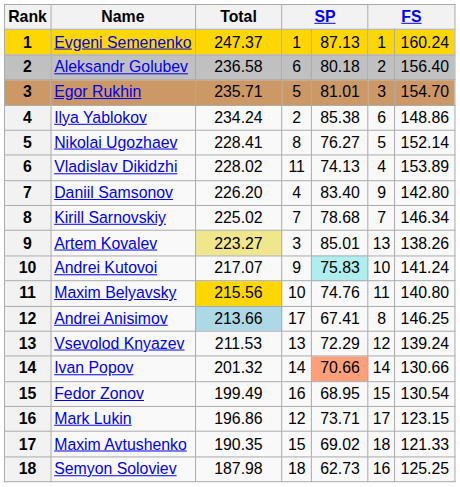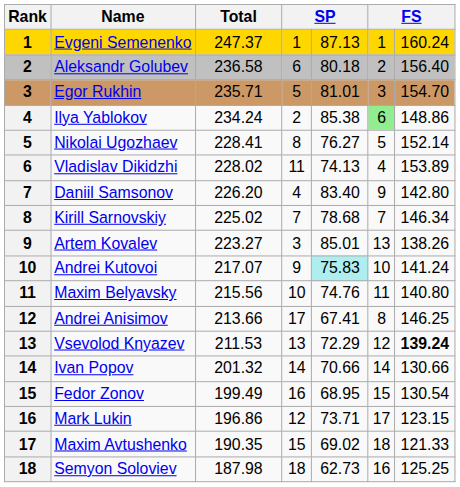 <table class="wikitable sortable">
 <tr>
 <th>Rank</th>
 <th>Name</th>
 <th width="80px">Total</th>
 <th colspan="2" width="80px"><a href='#'>SP</a></th>
 <th colspan="2" width="80px"><a href='#'>FS</a></th>
 </tr>
 <tr bgcolor="gold">
 <td align="center"><strong>1</strong></td>
 <td><a href='#'>Evgeni Semenenko</a></td>
 <td align="center">247.37</td>
 <td align="center">1</td>
 <td align="center">87.13</td>
 <td align="center">1</td>
 <td align="center">160.24</td>
 </tr>
 <tr bgcolor="silver">
 <td align="center"><strong>2</strong></td>
 <td><a href='#'>Aleksandr Golubev</a></td>
 <td align="center">236.58</td>
 <td align="center">6</td>
 <td align="center">80.18</td>
 <td align="center">2</td>
 <td align="center">156.40</td>
 </tr>
 <tr bgcolor="cc9966">
 <td align="center"><strong>3</strong></td>
 <td><a href='#'>Egor Rukhin</a></td>
 <td align="center">235.71</td>
 <td align="center">5</td>
 <td align="center">81.01</td>
 <td align="center">3</td>
 <td align="center">154.70</td>
 </tr>
 <tr>
 <th>4</th>
 <td><a href='#'>Ilya Yablokov</a></td>
 <td align="center">234.24</td>
 <td align="center">2</td>
 <td align="center">85.38</td>
-<td align="center">6</td>
+<td align="center" style="background: lightgreen;">6</td>
 <td align="center">148.86</td>
 </tr>
 <tr>
 <th>5</th>
 <td><a href='#'>Nikolai Ugozhaev</a></td>
 <td align="center">228.41</td>
 <td align="center">8</td>
 <td align="center">76.27</td>
 <td align="center">5</td>
 <td align="center">152.14</td>
 </tr>
 <tr>
 <th>6</th>
 <td><a href='#'>Vladislav Dikidzhi</a></td>
 <td align="center">228.02</td>
 <td align="center">11</td>
 <td align="center">74.13</td>
 <td align="center">4</td>
 <td align="center">153.89</td>
 </tr>
 <tr>
 <th>7</th>
 <td><a href='#'>Daniil Samsonov</a></td>
 <td align="center">226.20</td>
 <td align="center">4</td>
 <td align="center">83.40</td>
 <td align="center">9</td>
 <td align="center">142.80</td>
 </tr>
 <tr>
 <th>8</th>
 <td><a href='#'>Kirill Sarnovskiy</a></td>
 <td align="center">225.02</td>
 <td align="center">7</td>
 <td align="center">78.68</td>
 <td align="center">7</td>
 <td align="center">146.34</td>
 </tr>
 <tr>
 <th>9</th>
 <td><a href='#'>Artem Kovalev</a></td>
-<td align="center" style="background: khaki;">223.27</td>
+<td align="center">223.27</td>
 <td align="center">3</td>
 <td align="center">85.01</td>
 <td align="center">13</td>
 <td align="center">138.26</td>
 </tr>
 <tr>
 <th>10</th>
 <td><a href='#'>Andrei Kutovoi</a></td>
 <td align="center">217.07</td>
 <td align="center">9</td>
 <td align="center" style="background: paleturquoise;">75.83</td>
 <td align="center">10</td>
 <td align="center">141.24</td>
 </tr>
 <tr>
 <th>11</th>
 <td><a href='#'>Maxim Belyavsky</a></td>
-<td align="center" style="background: gold;">215.56</td>
+<td align="center">215.56</td>
 <td align="center">10</td>
 <td align="center">74.76</td>
 <td align="center">11</td>
 <td align="center">140.80</td>
 </tr>
 <tr>
 <th>12</th>
 <td><a href='#'>Andrei Anisimov</a></td>
-<td align="center" style="background: lightblue;">213.66</td>
+<td align="center">213.66</td>
 <td align="center">17</td>
 <td align="center">67.41</td>
 <td align="center">8</td>
 <td align="center">146.25</td>
 </tr>
 <tr>
 <th>13</th>
 <td><a href='#'>Vsevolod Knyazev</a></td>
 <td align="center">211.53</td>
 <td align="center">13</td>
 <td align="center">72.29</td>
 <td align="center">12</td>
-<td align="center">139.24</td>
+<td align="center"><strong>139.24</strong></td>
 </tr>
 <tr>
 <th>14</th>
 <td><a href='#'>Ivan Popov</a></td>
 <td align="center">201.32</td>
 <td align="center">14</td>
-<td align="center" style="background: lightsalmon;">70.66</td>
+<td align="center">70.66</td>
 <td align="center">14</td>
 <td align="center">130.66</td>
 </tr>
 <tr>
 <th>15</th>
 <td><a href='#'>Fedor Zonov</a></td>
 <td align="center">199.49</td>
 <td align="center">16</td>
 <td align="center">68.95</td>
 <td align="center">15</td>
 <td align="center">130.54</td>
 </tr>
 <tr>
 <th>16</th>
 <td><a href='#'>Mark Lukin</a></td>
 <td align="center">196.86</td>
 <td align="center">12</td>
 <td align="center">73.71</td>
 <td align="center">17</td>
 <td align="center">123.15</td>
 </tr>
 <tr>
 <th>17</th>
 <td><a href='#'>Maxim Avtushenko</a></td>
 <td align="center">190.35</td>
 <td align="center">15</td>
 <td align="center">69.02</td>
 <td align="center">18</td>
 <td align="center">121.33</td>
 </tr>
 <tr>
 <th>18</th>
 <td><a href='#'>Semyon Soloviev</a></td>
 <td align="center">187.98</td>
 <td align="center">18</td>
 <td align="center">62.73</td>
 <td align="center">16</td>
 <td align="center">125.25</td>
 </tr>
 </table>
